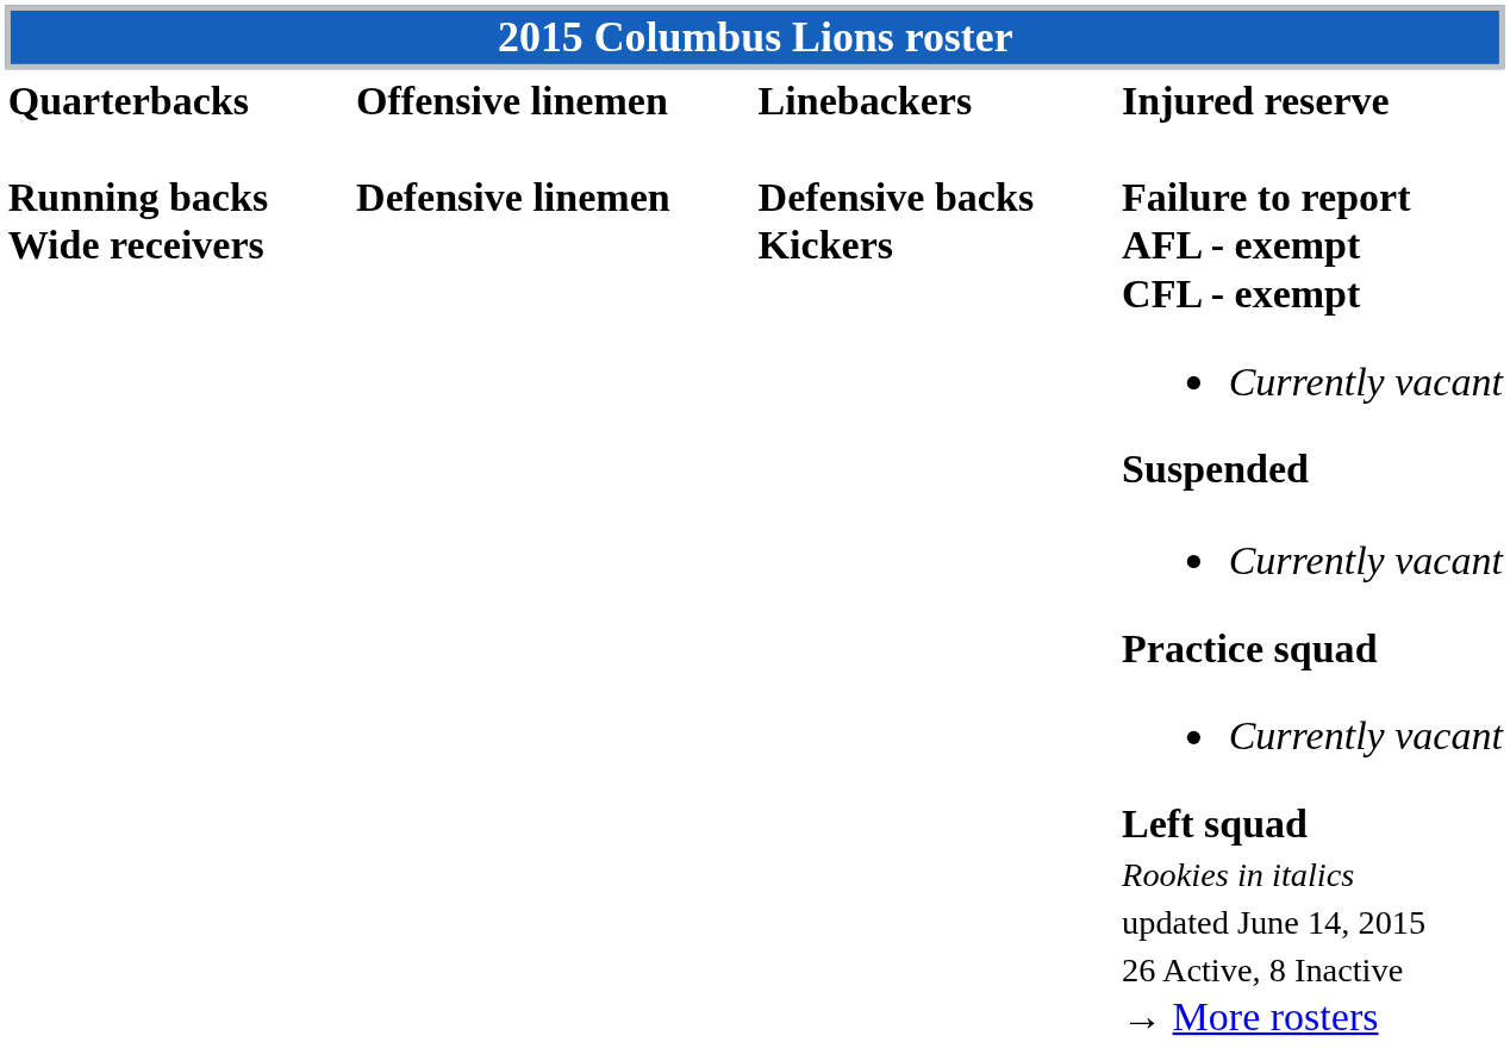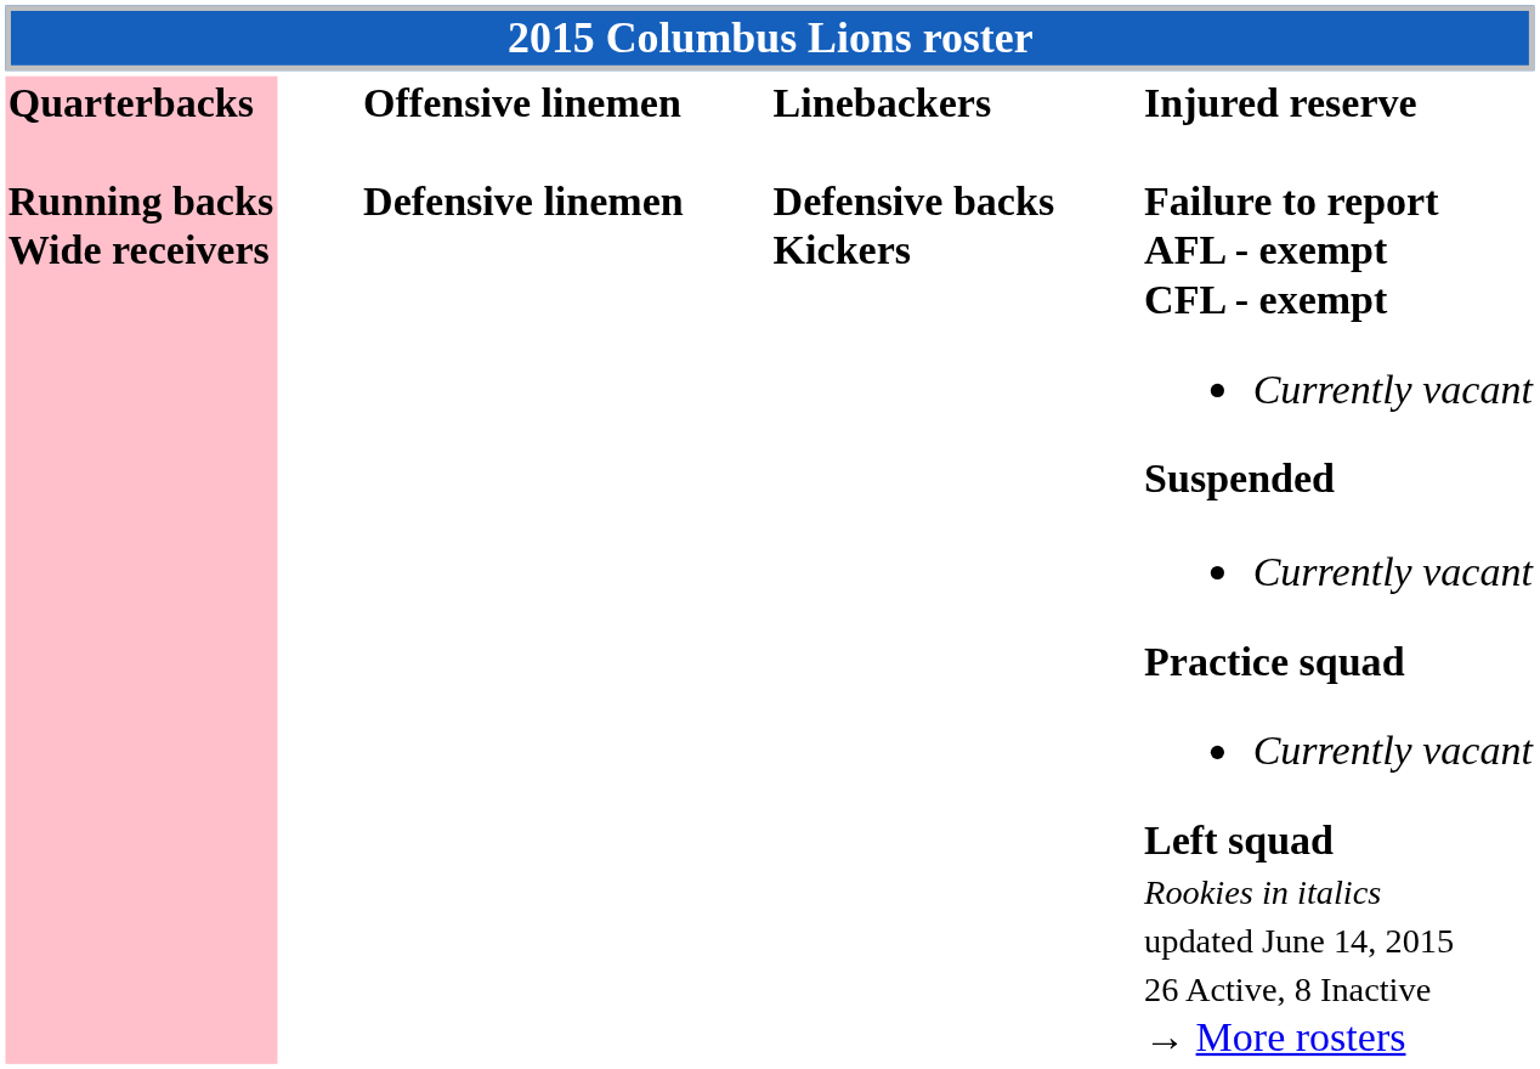 <table class="toccolours" style="text-align: left;">
 <tr>
 <th colspan="7" style="background-color:#1560BD; border:2px  solid silver; color:white; text-align:center;"><strong>2015 Columbus Lions roster</strong></th>
 </tr>
 <tr>
-<td style="font-size: 95%;vertical-align:top;"><strong>Quarterbacks</strong><br><br><strong>Running backs</strong> <br><strong>Wide receivers</strong>       </td>
+<td style="background: pink; font-size: 95%;vertical-align:top;"><strong>Quarterbacks</strong><br><br><strong>Running backs</strong> <br><strong>Wide receivers</strong>       </td>
 <td style="width: 25px;"></td>
 <td style="font-size: 95%;vertical-align:top;"><strong>Offensive linemen</strong><br>    <br><strong>Defensive linemen</strong>     </td>
 <td style="width: 25px;"></td>
 <td style="font-size: 95%;vertical-align:top;"><strong>Linebackers</strong><br> <br><strong>Defensive backs</strong>     <br><strong>Kickers</strong> </td>
 <td style="width: 25px;"></td>
 <td style="font-size: 95%;vertical-align:top;"><strong>Injured reserve</strong><br><br><strong>Failure to report</strong>   <br><strong>AFL - exempt</strong>  <br><strong>CFL - exempt</strong><ul><li><em>Currently vacant</em></li></ul><strong>Suspended</strong><ul><li><em>Currently vacant</em></li></ul><strong>Practice squad</strong><ul><li><em>Currently vacant</em></li></ul><strong>Left squad</strong>  <br><small><em>Rookies in italics</em><br> updated June 14, 2015</small><br> <small>26 Active, 8 Inactive</small><br>→ <a href='#'>More rosters</a></td>
 </tr>
 <tr>
 </tr>
 </table>
